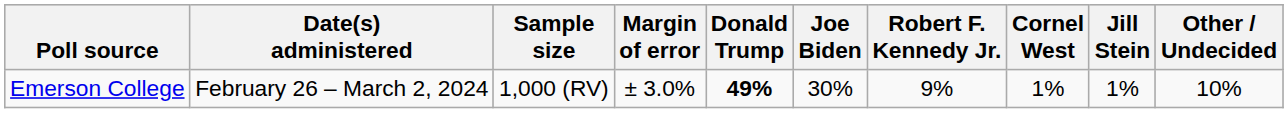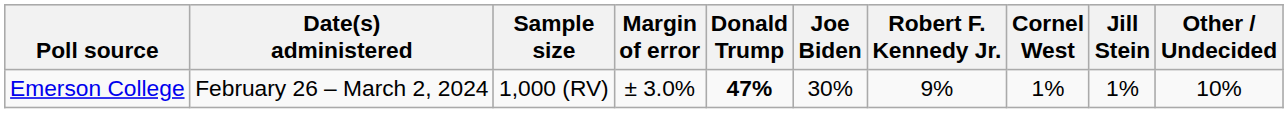 <table class="wikitable sortable mw-datatable" style="font-size:90%;text-align:center;line-height:17px">
 <tr valign=bottom>
 <th>Poll source</th>
 <th>Date(s)<br>administered</th>
 <th>Sample<br>size</th>
 <th>Margin<br>of error</th>
 <th class="unsortable">Donald<br>Trump<br></th>
 <th class="unsortable">Joe<br>Biden<br></th>
 <th class="unsortable">Robert F.<br>Kennedy Jr.<br></th>
 <th class="unsortable">Cornel<br>West<br></th>
 <th class="unsortable">Jill<br>Stein<br></th>
 <th class="unsortable">Other /<br>Undecided</th>
 </tr>
 <tr>
 <td style="text-align:left;"><a href='#'>Emerson College</a></td>
 <td data-sort-value="2024-03-06">February 26 – March 2, 2024</td>
 <td>1,000 (RV)</td>
 <td>± 3.0%</td>
-<td style="background-color:"><strong>49%</strong></td>
+<td style="background-color:"><strong>47%</strong></td>
 <td>30%</td>
 <td>9%</td>
 <td>1%</td>
 <td>1%</td>
 <td>10%</td>
 </tr>
 </table>
